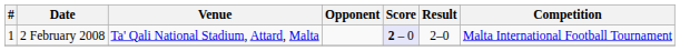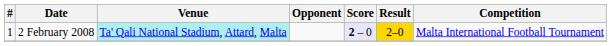 <table class="wikitable" border="1">
 <tr>
 <th>#</th>
 <th>Date</th>
 <th>Venue</th>
 <th>Opponent</th>
 <th>Score</th>
 <th>Result</th>
 <th>Competition</th>
 </tr>
 <tr>
 <td>1</td>
 <td>2 February 2008</td>
-<td><a href='#'>Ta' Qali National Stadium</a>, <a href='#'>Attard</a>, <a href='#'>Malta</a></td>
+<td style="background: paleturquoise;"><a href='#'>Ta' Qali National Stadium</a>, <a href='#'>Attard</a>, <a href='#'>Malta</a></td>
 <td></td>
 <td align=center style="background: lavender;"><strong>2</strong> – 0</td>
-<td align=center>2–0</td>
+<td align=center style="background: gold;">2–0</td>
 <td><a href='#'>Malta International Football Tournament</a></td>
 </tr>
 <tr>
 </tr>
 </table>
